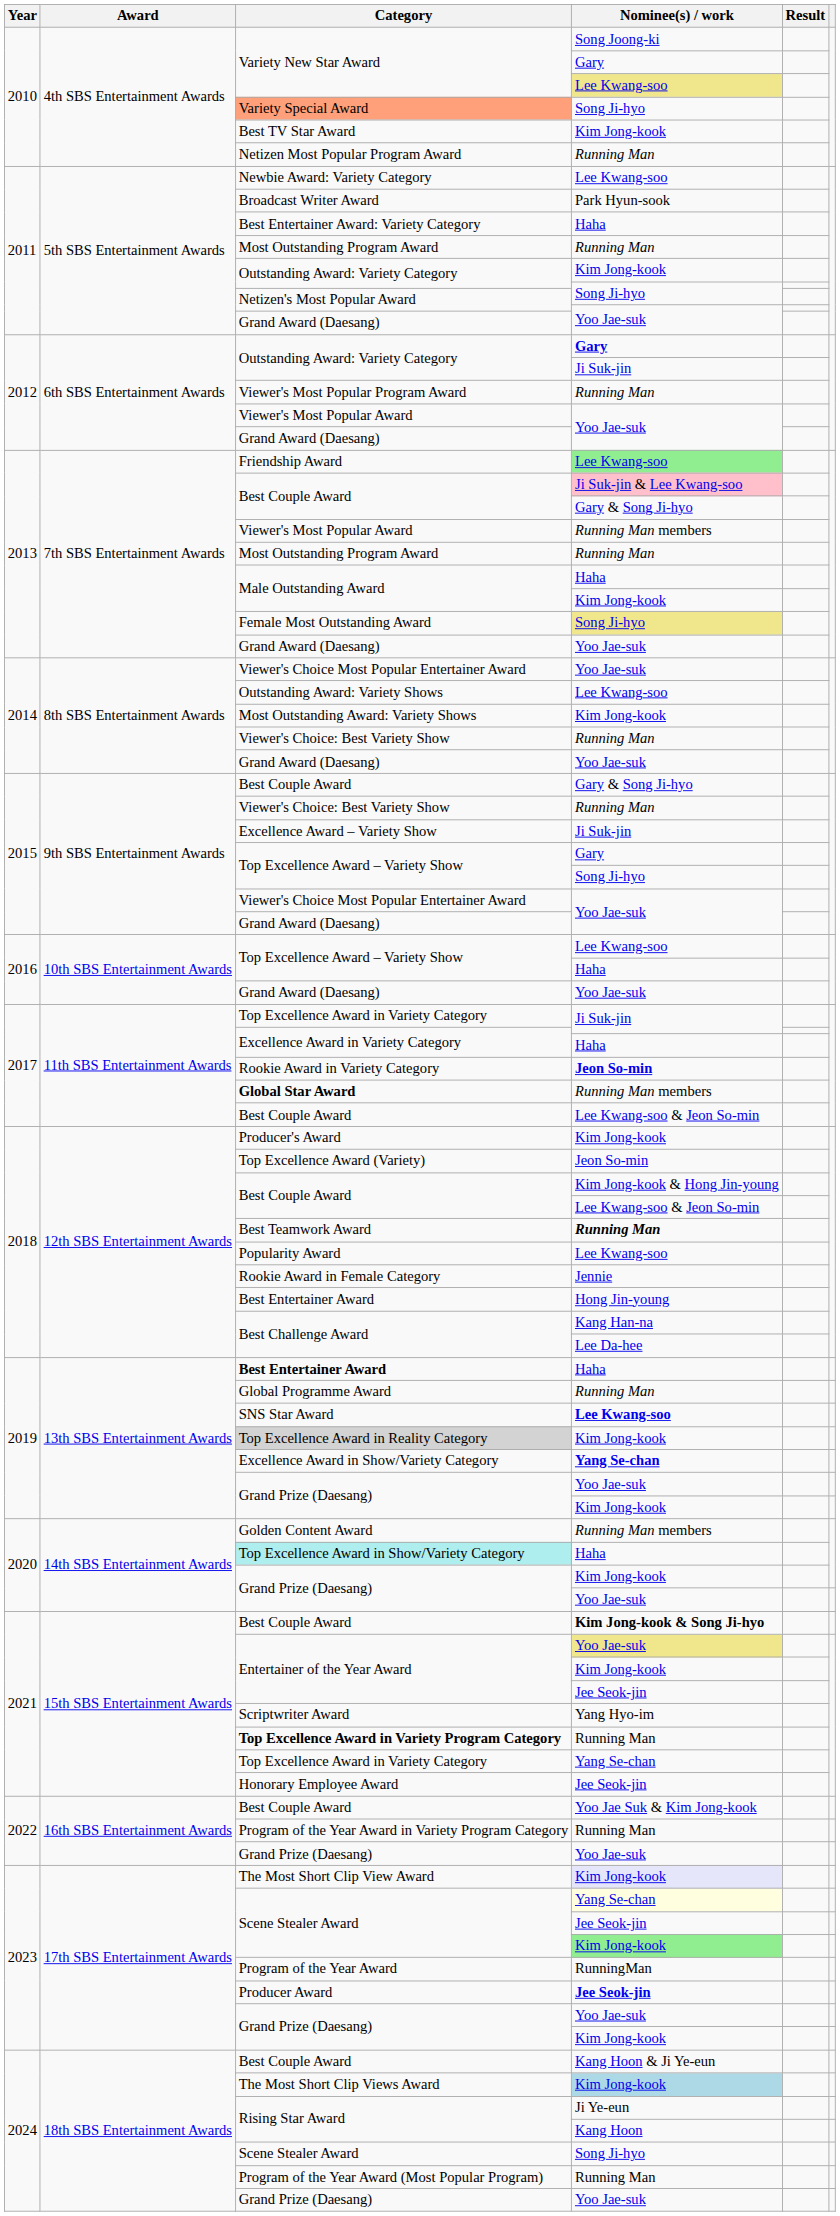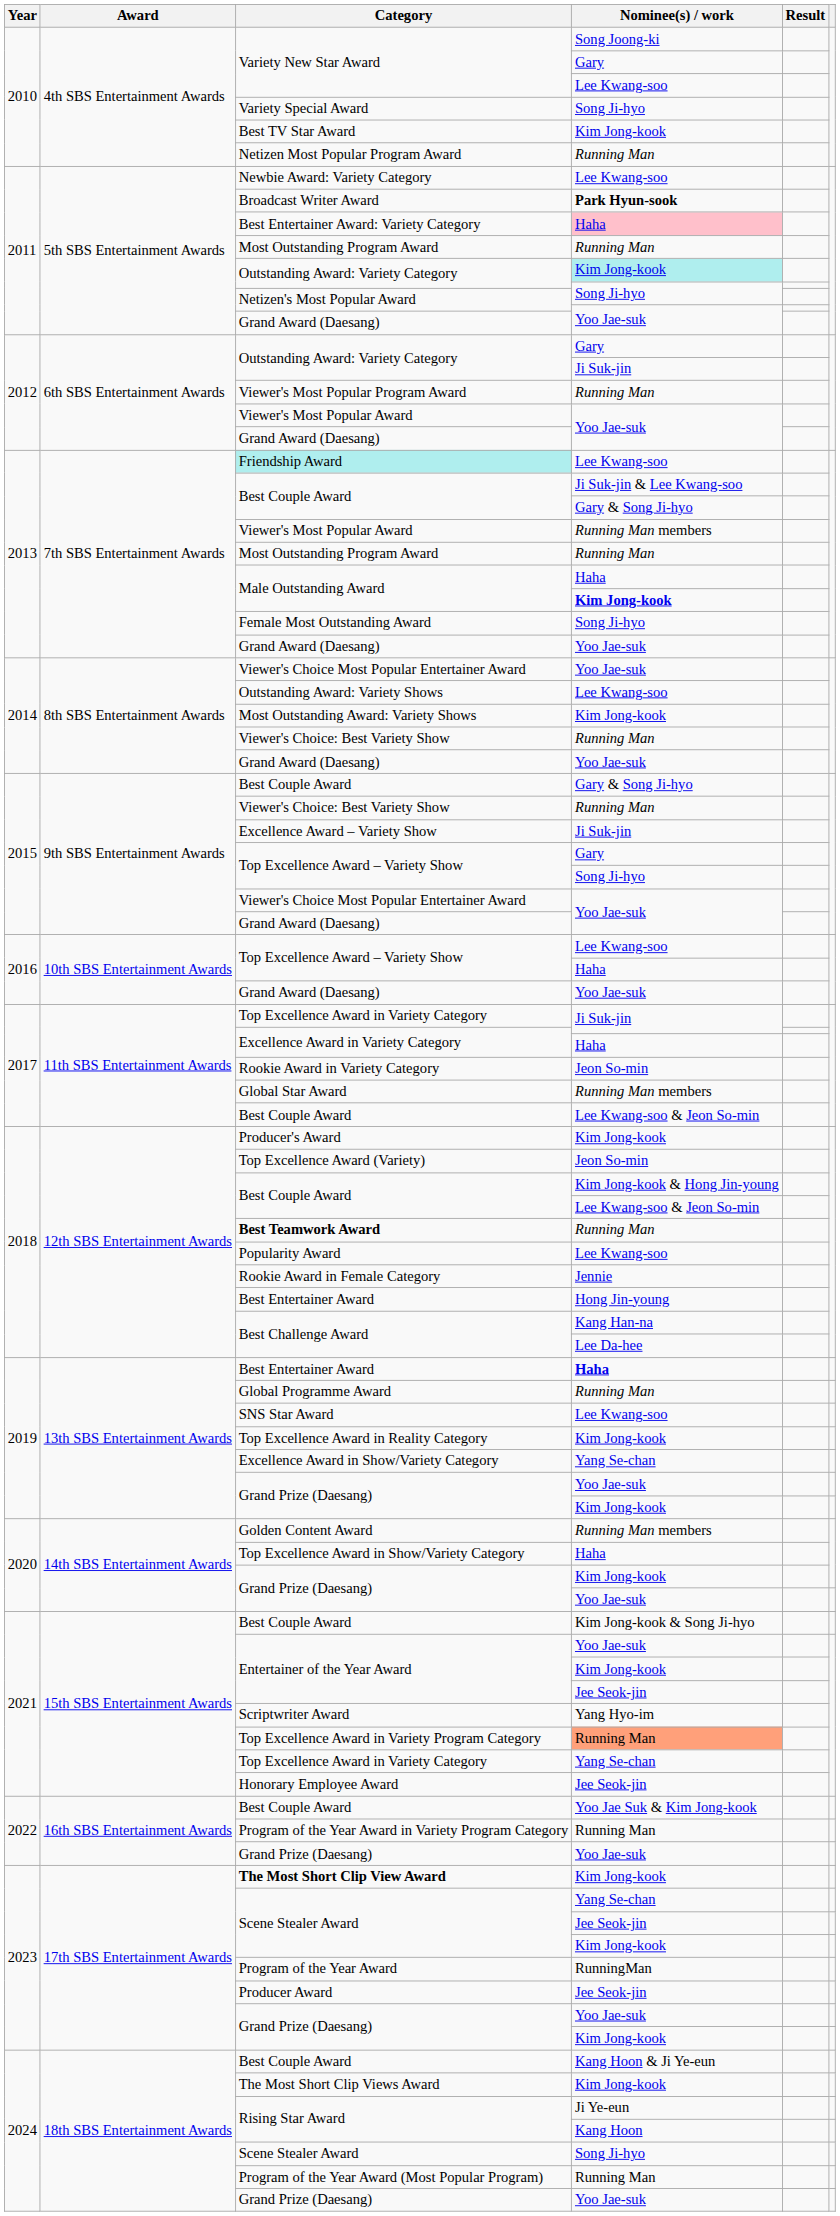 <table class="wikitable">
 <tr>
 <th>Year</th>
 <th>Award</th>
 <th>Category</th>
 <th>Nominee(s) / work</th>
 <th>Result</th>
 <th></th>
 </tr>
 <tr>
 <td rowspan="6">2010</td>
 <td rowspan=6>4th SBS Entertainment Awards</td>
 <td rowspan="3">Variety New Star Award</td>
 <td><a href='#'>Song Joong-ki</a></td>
 <td></td>
 <td rowspan="6"></td>
 </tr>
 <tr>
 <td><a href='#'>Gary</a></td>
 <td></td>
 </tr>
 <tr>
-<td style="background: khaki;"><a href='#'>Lee Kwang-soo</a></td>
+<td><a href='#'>Lee Kwang-soo</a></td>
 <td></td>
 </tr>
 <tr>
-<td style="background: lightsalmon;">Variety Special Award</td>
+<td>Variety Special Award</td>
 <td><a href='#'>Song Ji-hyo</a></td>
 <td></td>
 </tr>
 <tr>
 <td>Best TV Star Award</td>
 <td><a href='#'>Kim Jong-kook</a></td>
 <td></td>
 </tr>
 <tr>
 <td>Netizen Most Popular Program Award</td>
 <td><em>Running Man</em></td>
 <td></td>
 </tr>
 <tr>
 <td rowspan="9">2011</td>
 <td rowspan=9>5th SBS Entertainment Awards</td>
 <td>Newbie Award: Variety Category</td>
 <td><a href='#'>Lee Kwang-soo</a></td>
 <td></td>
 <td rowspan="9"></td>
 </tr>
 <tr>
 <td>Broadcast Writer Award</td>
-<td>Park Hyun-sook</td>
+<td><strong>Park Hyun-sook</strong></td>
 <td></td>
 </tr>
 <tr>
 <td>Best Entertainer Award: Variety Category</td>
-<td><a href='#'>Haha</a></td>
+<td style="background: pink;"><a href='#'>Haha</a></td>
 <td></td>
 </tr>
 <tr>
 <td>Most Outstanding Program Award</td>
 <td><em>Running Man</em></td>
 <td></td>
 </tr>
 <tr>
 <td rowspan="2">Outstanding Award: Variety Category</td>
-<td><a href='#'>Kim Jong-kook</a></td>
+<td style="background: paleturquoise;"><a href='#'>Kim Jong-kook</a></td>
 <td></td>
 </tr>
 <tr>
 <td rowspan="2"><a href='#'>Song Ji-hyo</a></td>
 <td></td>
 </tr>
 <tr>
 <td rowspan="2">Netizen's Most Popular Award</td>
 <td></td>
 </tr>
 <tr>
 <td rowspan="2"><a href='#'>Yoo Jae-suk</a></td>
 <td></td>
 </tr>
 <tr>
 <td>Grand Award (Daesang)</td>
 <td></td>
 </tr>
 <tr>
 <td rowspan="5">2012</td>
 <td rowspan="5">6th SBS Entertainment Awards</td>
 <td rowspan="2">Outstanding Award: Variety Category</td>
-<td><strong><a href='#'>Gary</a></strong></td>
+<td><a href='#'>Gary</a></td>
 <td></td>
 <td rowspan="5"></td>
 </tr>
 <tr>
 <td><a href='#'>Ji Suk-jin</a></td>
 <td></td>
 </tr>
 <tr>
 <td>Viewer's Most Popular Program Award</td>
 <td><em>Running Man</em></td>
 <td></td>
 </tr>
 <tr>
 <td>Viewer's Most Popular Award</td>
 <td rowspan="2"><a href='#'>Yoo Jae-suk</a></td>
 <td></td>
 </tr>
 <tr>
 <td>Grand Award (Daesang)</td>
 <td></td>
 </tr>
 <tr>
 <td rowspan="9">2013</td>
 <td rowspan="9">7th SBS Entertainment Awards</td>
-<td>Friendship Award</td>
-<td style="background: lightgreen;"><a href='#'>Lee Kwang-soo</a></td>
+<td style="background: paleturquoise;">Friendship Award</td>
+<td><a href='#'>Lee Kwang-soo</a></td>
 <td></td>
 <td rowspan="9"></td>
 </tr>
 <tr>
 <td rowspan="2">Best Couple Award</td>
-<td style="background: pink;"><a href='#'>Ji Suk-jin</a> & <a href='#'>Lee Kwang-soo</a></td>
+<td><a href='#'>Ji Suk-jin</a> & <a href='#'>Lee Kwang-soo</a></td>
 <td></td>
 </tr>
 <tr>
 <td><a href='#'>Gary</a> & <a href='#'>Song Ji-hyo</a></td>
 <td></td>
 </tr>
 <tr>
 <td>Viewer's Most Popular Award</td>
 <td><em>Running Man</em> members</td>
 <td></td>
 </tr>
 <tr>
 <td>Most Outstanding Program Award</td>
 <td><em>Running Man</em></td>
 <td></td>
 </tr>
 <tr>
 <td rowspan="2">Male Outstanding Award</td>
 <td><a href='#'>Haha</a></td>
 <td></td>
 </tr>
 <tr>
-<td><a href='#'>Kim Jong-kook</a></td>
+<td><strong><a href='#'>Kim Jong-kook</a></strong></td>
 <td></td>
 </tr>
 <tr>
 <td>Female Most Outstanding Award</td>
-<td style="background: khaki;"><a href='#'>Song Ji-hyo</a></td>
+<td><a href='#'>Song Ji-hyo</a></td>
 <td></td>
 </tr>
 <tr>
 <td>Grand Award (Daesang)</td>
 <td><a href='#'>Yoo Jae-suk</a></td>
 <td></td>
 </tr>
 <tr>
 <td rowspan="5">2014</td>
 <td rowspan="5">8th SBS Entertainment Awards</td>
 <td>Viewer's Choice Most Popular Entertainer Award</td>
 <td><a href='#'>Yoo Jae-suk</a></td>
 <td></td>
 <td rowspan="5"></td>
 </tr>
 <tr>
 <td>Outstanding Award: Variety Shows</td>
 <td><a href='#'>Lee Kwang-soo</a></td>
 <td></td>
 </tr>
 <tr>
 <td>Most Outstanding Award: Variety Shows</td>
 <td><a href='#'>Kim Jong-kook</a></td>
 <td></td>
 </tr>
 <tr>
 <td>Viewer's Choice: Best Variety Show</td>
 <td><em>Running Man</em></td>
 <td></td>
 </tr>
 <tr>
 <td>Grand Award (Daesang)</td>
 <td><a href='#'>Yoo Jae-suk</a></td>
 <td></td>
 </tr>
 <tr>
 <td rowspan="7">2015</td>
 <td rowspan="7">9th SBS Entertainment Awards</td>
 <td>Best Couple Award</td>
 <td><a href='#'>Gary</a> & <a href='#'>Song Ji-hyo</a></td>
 <td></td>
 <td rowspan="7"></td>
 </tr>
 <tr>
 <td>Viewer's Choice: Best Variety Show</td>
 <td><em>Running Man</em></td>
 <td></td>
 </tr>
 <tr>
 <td>Excellence Award – Variety Show</td>
 <td><a href='#'>Ji Suk-jin</a></td>
 <td></td>
 </tr>
 <tr>
 <td rowspan="2">Top Excellence Award – Variety Show</td>
 <td><a href='#'>Gary</a></td>
 <td></td>
 </tr>
 <tr>
 <td><a href='#'>Song Ji-hyo</a></td>
 <td></td>
 </tr>
 <tr>
 <td>Viewer's Choice Most Popular Entertainer Award</td>
 <td rowspan="2"><a href='#'>Yoo Jae-suk</a></td>
 <td></td>
 </tr>
 <tr>
 <td>Grand Award (Daesang)</td>
 <td></td>
 </tr>
 <tr>
 <td rowspan="3">2016</td>
 <td rowspan="3"><a href='#'>10th SBS Entertainment Awards</a></td>
 <td rowspan="2">Top Excellence Award – Variety Show</td>
 <td><a href='#'>Lee Kwang-soo</a></td>
 <td></td>
 <td rowspan="3"></td>
 </tr>
 <tr>
 <td><a href='#'>Haha</a></td>
 <td></td>
 </tr>
 <tr>
 <td>Grand Award (Daesang)</td>
 <td><a href='#'>Yoo Jae-suk</a></td>
 <td></td>
 </tr>
 <tr>
 <td rowspan="6">2017</td>
 <td rowspan="6"><a href='#'>11th SBS Entertainment Awards</a></td>
 <td>Top Excellence Award in Variety Category</td>
 <td rowspan="2"><a href='#'>Ji Suk-jin</a></td>
 <td></td>
 <td rowspan="6"></td>
 </tr>
 <tr>
 <td rowspan="2">Excellence Award in Variety Category</td>
 <td></td>
 </tr>
 <tr>
 <td><a href='#'>Haha</a></td>
 <td></td>
 </tr>
 <tr>
 <td>Rookie Award in Variety Category</td>
-<td><strong><a href='#'>Jeon So-min</a></strong></td>
+<td><a href='#'>Jeon So-min</a></td>
 <td></td>
 </tr>
 <tr>
-<td><strong>Global Star Award</strong></td>
+<td>Global Star Award</td>
 <td><em>Running Man</em> members</td>
 <td></td>
 </tr>
 <tr>
 <td>Best Couple Award</td>
 <td><a href='#'>Lee Kwang-soo</a> & <a href='#'>Jeon So-min</a></td>
 <td></td>
 </tr>
 <tr>
 <td rowspan="10">2018</td>
 <td rowspan="10"><a href='#'>12th SBS Entertainment Awards</a></td>
 <td>Producer's Award</td>
 <td><a href='#'>Kim Jong-kook</a></td>
 <td></td>
 <td rowspan="10"></td>
 </tr>
 <tr>
 <td>Top Excellence Award (Variety)</td>
 <td><a href='#'>Jeon So-min</a></td>
 <td></td>
 </tr>
 <tr>
 <td rowspan="2">Best Couple Award</td>
 <td><a href='#'>Kim Jong-kook</a> & <a href='#'>Hong Jin-young</a></td>
 <td></td>
 </tr>
 <tr>
 <td><a href='#'>Lee Kwang-soo</a> & <a href='#'>Jeon So-min</a></td>
 <td></td>
 </tr>
 <tr>
-<td>Best Teamwork Award</td>
-<td><strong><em>Running Man</em></strong></td>
+<td><strong>Best Teamwork Award</strong></td>
+<td><em>Running Man</em></td>
 <td></td>
 </tr>
 <tr>
 <td>Popularity Award</td>
 <td><a href='#'>Lee Kwang-soo</a></td>
 <td></td>
 </tr>
 <tr>
 <td>Rookie Award in Female Category</td>
 <td><a href='#'>Jennie</a></td>
 <td></td>
 </tr>
 <tr>
 <td>Best Entertainer Award</td>
 <td><a href='#'>Hong Jin-young</a></td>
 <td></td>
 </tr>
 <tr>
 <td rowspan="2">Best Challenge Award</td>
 <td><a href='#'>Kang Han-na</a></td>
 <td></td>
 </tr>
 <tr>
 <td><a href='#'>Lee Da-hee</a></td>
 <td></td>
 </tr>
 <tr>
 <td rowspan="7">2019</td>
 <td rowspan="7"><a href='#'>13th SBS Entertainment Awards</a></td>
-<td><strong>Best Entertainer Award</strong></td>
-<td><a href='#'>Haha</a></td>
+<td>Best Entertainer Award</td>
+<td><strong><a href='#'>Haha</a></strong></td>
 <td></td>
 <td></td>
 </tr>
 <tr>
 <td>Global Programme Award</td>
 <td><em>Running Man</em></td>
 <td></td>
 <td></td>
 </tr>
 <tr>
 <td>SNS Star Award</td>
-<td><strong><a href='#'>Lee Kwang-soo</a></strong></td>
+<td><a href='#'>Lee Kwang-soo</a></td>
 <td></td>
 <td></td>
 </tr>
 <tr>
-<td style="background: lightgrey;">Top Excellence Award in Reality Category</td>
+<td>Top Excellence Award in Reality Category</td>
 <td><a href='#'>Kim Jong-kook</a></td>
 <td></td>
 <td></td>
 </tr>
 <tr>
 <td>Excellence Award in Show/Variety Category</td>
-<td><strong><a href='#'>Yang Se-chan</a></strong></td>
+<td><a href='#'>Yang Se-chan</a></td>
 <td></td>
 <td></td>
 </tr>
 <tr>
 <td rowspan="2">Grand Prize (Daesang)</td>
 <td><a href='#'>Yoo Jae-suk</a></td>
 <td></td>
 <td></td>
 </tr>
 <tr>
 <td><a href='#'>Kim Jong-kook</a></td>
 <td></td>
 <td></td>
 </tr>
 <tr>
 <td rowspan="4">2020</td>
 <td rowspan="4"><a href='#'>14th SBS Entertainment Awards</a></td>
 <td>Golden Content Award</td>
 <td><em>Running Man</em> members</td>
 <td></td>
 <td rowspan="3"></td>
 </tr>
 <tr>
-<td style="background: paleturquoise;">Top Excellence Award in Show/Variety Category</td>
+<td>Top Excellence Award in Show/Variety Category</td>
 <td><a href='#'>Haha</a></td>
 <td></td>
 </tr>
 <tr>
 <td rowspan="2">Grand Prize (Daesang)</td>
 <td><a href='#'>Kim Jong-kook</a></td>
 <td></td>
 </tr>
 <tr>
 <td><a href='#'>Yoo Jae-suk</a></td>
 <td></td>
 <td></td>
 </tr>
 <tr>
 <td rowspan="8">2021</td>
 <td rowspan="8"><a href='#'>15th SBS Entertainment Awards</a></td>
 <td>Best Couple Award</td>
-<td><strong>Kim Jong-kook & Song Ji-hyo</strong></td>
+<td>Kim Jong-kook & Song Ji-hyo</td>
 <td></td>
 <td></td>
 </tr>
 <tr>
 <td rowspan="3">Entertainer of the Year Award</td>
-<td style="background: khaki;"><a href='#'>Yoo Jae-suk</a></td>
+<td><a href='#'>Yoo Jae-suk</a></td>
 <td></td>
 <td rowspan="7"></td>
 </tr>
 <tr>
 <td><a href='#'>Kim Jong-kook</a></td>
 <td></td>
 </tr>
 <tr>
 <td><a href='#'>Jee Seok-jin</a></td>
 <td></td>
 </tr>
 <tr>
 <td>Scriptwriter Award</td>
 <td>Yang Hyo-im</td>
 <td></td>
 </tr>
 <tr>
-<td><strong>Top Excellence Award in Variety Program Category</strong></td>
-<td>Running Man</td>
+<td>Top Excellence Award in Variety Program Category</td>
+<td style="background: lightsalmon;">Running Man</td>
 <td></td>
 </tr>
 <tr>
 <td>Top Excellence Award in Variety Category</td>
 <td><a href='#'>Yang Se-chan</a></td>
 <td></td>
 </tr>
 <tr>
 <td>Honorary Employee Award</td>
 <td><a href='#'>Jee Seok-jin</a></td>
 <td></td>
 </tr>
 <tr>
 <td rowspan="3">2022</td>
 <td rowspan="3"><a href='#'>16th SBS Entertainment Awards</a></td>
 <td>Best Couple Award</td>
 <td><a href='#'>Yoo Jae Suk</a> & <a href='#'>Kim Jong-kook</a></td>
 <td></td>
 <td></td>
 </tr>
 <tr>
 <td>Program of the Year Award in Variety Program Category</td>
 <td>Running Man</td>
 <td></td>
 <td></td>
 </tr>
 <tr>
 <td>Grand Prize (Daesang)</td>
 <td><a href='#'>Yoo Jae-suk</a></td>
 <td></td>
 <td></td>
 </tr>
 <tr>
 <td rowspan="8">2023</td>
 <td rowspan="8"><a href='#'>17th SBS Entertainment Awards</a></td>
-<td>The Most Short Clip View Award</td>
-<td style="background: lavender;"><a href='#'>Kim Jong-kook</a></td>
+<td><strong>The Most Short Clip View Award</strong></td>
+<td><a href='#'>Kim Jong-kook</a></td>
 <td></td>
 <td></td>
 </tr>
 <tr>
 <td rowspan="3">Scene Stealer Award</td>
-<td style="background: lightyellow;"><a href='#'>Yang Se-chan</a></td>
+<td><a href='#'>Yang Se-chan</a></td>
 <td></td>
 <td></td>
 </tr>
 <tr>
 <td><a href='#'>Jee Seok-jin</a></td>
 <td></td>
 <td></td>
 </tr>
 <tr>
-<td style="background: lightgreen;"><a href='#'>Kim Jong-kook</a></td>
+<td><a href='#'>Kim Jong-kook</a></td>
 <td></td>
 <td></td>
 </tr>
 <tr>
 <td>Program of the Year Award</td>
 <td>RunningMan</td>
 <td></td>
 <td></td>
 </tr>
 <tr>
 <td>Producer Award</td>
-<td><strong><a href='#'>Jee Seok-jin</a></strong></td>
+<td><a href='#'>Jee Seok-jin</a></td>
 <td></td>
 <td></td>
 </tr>
 <tr>
 <td rowspan="2">Grand Prize (Daesang)</td>
 <td><a href='#'>Yoo Jae-suk</a></td>
 <td></td>
 <td></td>
 </tr>
 <tr>
 <td><a href='#'>Kim Jong-kook</a></td>
 <td></td>
 <td></td>
 </tr>
 <tr>
 <td rowspan="9">2024</td>
 <td rowspan="9"><a href='#'>18th SBS Entertainment Awards</a></td>
 <td>Best Couple Award</td>
 <td><a href='#'>Kang Hoon</a> & Ji Ye-eun</td>
 <td></td>
 <td></td>
 </tr>
 <tr>
 <td>The Most Short Clip Views Award</td>
-<td style="background: lightblue;"><a href='#'>Kim Jong-kook</a></td>
+<td><a href='#'>Kim Jong-kook</a></td>
 <td></td>
 <td></td>
 </tr>
 <tr>
 <td rowspan="2">Rising Star Award</td>
 <td>Ji Ye-eun</td>
 <td></td>
 <td></td>
 </tr>
 <tr>
 <td><a href='#'>Kang Hoon</a></td>
 <td></td>
 <td></td>
 </tr>
 <tr>
 <td>Scene Stealer Award</td>
 <td><a href='#'>Song Ji-hyo</a></td>
 <td></td>
 <td></td>
 </tr>
 <tr>
 <td>Program of the Year Award (Most                 Popular Program)</td>
 <td>Running Man</td>
 <td></td>
 <td></td>
 </tr>
 <tr>
 <td>Grand Prize (Daesang)</td>
 <td><a href='#'>Yoo Jae-suk</a></td>
 <td></td>
 <td></td>
 </tr>
 </table>
